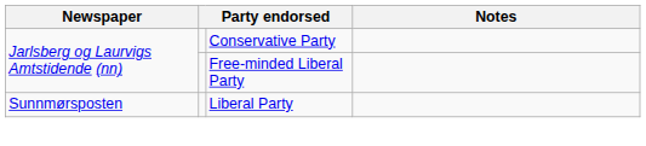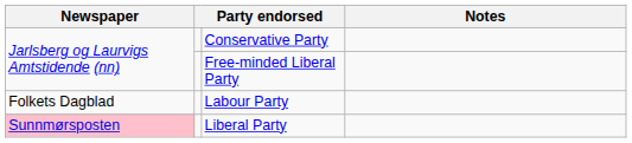 <table class="wikitable">
 <tr>
 <th width=200px>Newspaper</th>
 <th colspan=2>Party endorsed</th>
 <th width=300px>Notes</th>
 </tr>
 <tr>
 <td rowspan="2"><em><a href='#'>Jarlsberg og Laurvigs Amtstidende</a> <a href='#'>(nn)</a></em></td>
 <td style="background-color: "></td>
 <td width=150px><a href='#'>Conservative Party</a></td>
 <td></td>
 </tr>
 <tr>
 <td style="background-color: "></td>
 <td width=150px><a href='#'>Free-minded Liberal Party</a></td>
 <td></td>
 </tr>
 <tr>
-<td><a href='#'>Sunnmørsposten</a></td>
+<td>Folkets Dagblad</td>
+<td style="background-color: "></td>
+<td width=150px><a href='#'>Labour Party</a></td>
+<td></td>
+</tr>
+<tr>
+<td style="background: pink;"><a href='#'>Sunnmørsposten</a></td>
 <td style="background-color: "></td>
 <td width=150px><a href='#'>Liberal Party</a></td>
 <td></td>
 </tr>
 </table>
